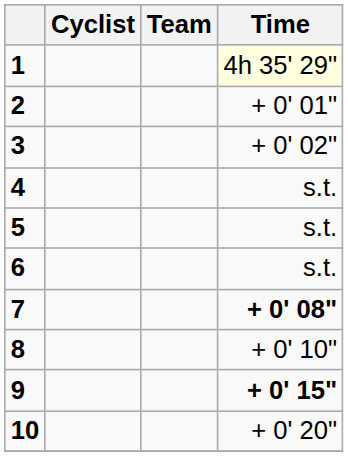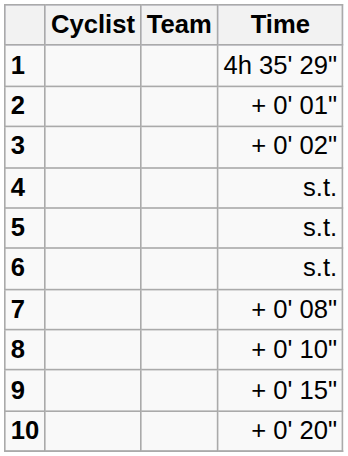 <table class="wikitable">
 <tr style="background:#ccccff;">
 <th></th>
 <th>Cyclist</th>
 <th>Team</th>
 <th>Time</th>
 </tr>
 <tr>
 <td><strong>1</strong></td>
 <td></td>
 <td></td>
-<td style="background: lightyellow;">4h 35' 29"</td>
+<td>4h 35' 29"</td>
 </tr>
 <tr>
 <td><strong>2</strong></td>
 <td></td>
 <td></td>
 <td align="right">+ 0' 01"</td>
 </tr>
 <tr>
 <td><strong>3</strong></td>
 <td></td>
 <td></td>
 <td align="right">+ 0' 02"</td>
 </tr>
 <tr>
 <td><strong>4</strong></td>
 <td></td>
 <td></td>
 <td align="right">s.t.</td>
 </tr>
 <tr>
 <td><strong>5</strong></td>
 <td><del></del></td>
 <td><del></del></td>
 <td align="right">s.t.</td>
 </tr>
 <tr>
 <td><strong>6</strong></td>
 <td></td>
 <td></td>
 <td align="right">s.t.</td>
 </tr>
 <tr>
 <td><strong>7</strong></td>
 <td></td>
 <td></td>
-<td align="right"><strong>+ 0' 08"</strong></td>
+<td align="right">+ 0' 08"</td>
 </tr>
 <tr>
 <td><strong>8</strong></td>
 <td></td>
 <td></td>
 <td align="right">+ 0' 10"</td>
 </tr>
 <tr>
 <td><strong>9</strong></td>
 <td></td>
 <td></td>
-<td align="right"><strong>+ 0' 15"</strong></td>
+<td align="right">+ 0' 15"</td>
 </tr>
 <tr>
 <td><strong>10</strong></td>
 <td></td>
 <td></td>
 <td align="right">+ 0' 20"</td>
 </tr>
 <tr>
 </tr>
 </table>
